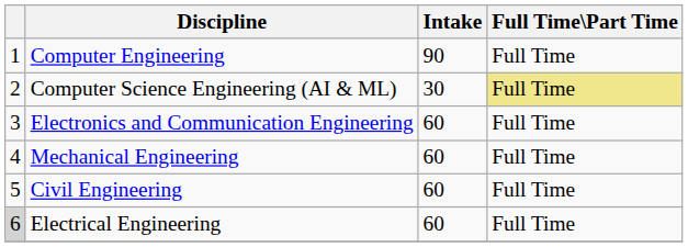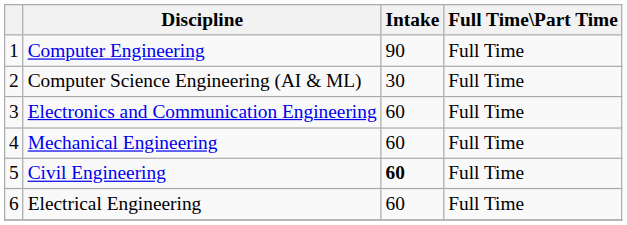 <table class="wikitable">
 <tr>
 <th></th>
 <th>Discipline</th>
 <th>Intake</th>
 <th>Full Time\Part Time</th>
 </tr>
 <tr>
 <td>1</td>
 <td><a href='#'>Computer Engineering</a></td>
 <td>90</td>
 <td>Full Time</td>
 </tr>
 <tr>
 <td>2</td>
 <td>Computer Science Engineering (AI & ML)</td>
 <td>30</td>
-<td style="background: khaki;">Full Time</td>
+<td>Full Time</td>
 </tr>
 <tr>
 <td>3</td>
 <td><a href='#'>Electronics and Communication Engineering</a></td>
 <td>60</td>
 <td>Full Time</td>
 </tr>
 <tr>
 <td>4</td>
 <td><a href='#'>Mechanical Engineering</a></td>
 <td>60</td>
 <td>Full Time</td>
 </tr>
 <tr>
 <td>5</td>
 <td><a href='#'>Civil Engineering</a></td>
-<td>60</td>
+<td><strong>60</strong></td>
 <td>Full Time</td>
 </tr>
 <tr>
-<td style="background: lightgrey;">6</td>
+<td>6</td>
 <td>Electrical Engineering</td>
 <td>60</td>
 <td>Full Time</td>
 </tr>
 <tr>
 </tr>
 </table>
